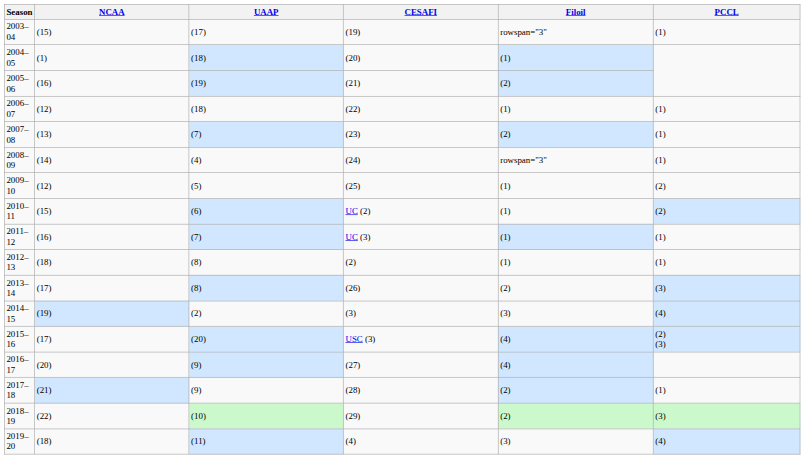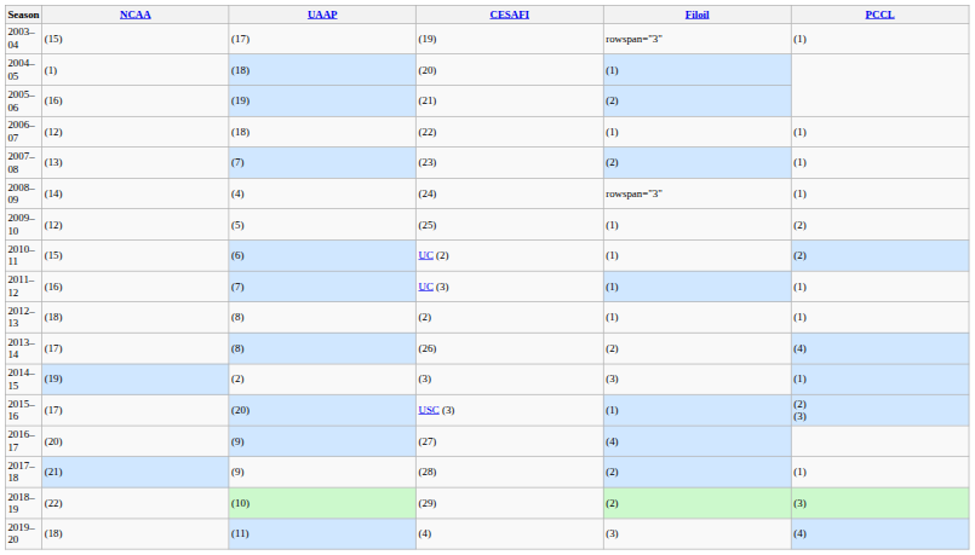 <table class="wikitable" width=100% style="font-size:88%">
 <tr bgcolor="#efefef">
 <th width=1%>Season</th>
 <th width=20%><a href='#'>NCAA</a></th>
 <th width=20%><a href='#'>UAAP</a></th>
 <th width=20%><a href='#'>CESAFI</a></th>
 <th width=20%><a href='#'>Filoil</a></th>
 <th width=20%><a href='#'>PCCL</a></th>
 </tr>
 <tr>
 <td>2003–04</td>
 <td> (15)</td>
 <td> (17)</td>
 <td> (19)</td>
 <td>rowspan="3" </td>
 <td> (1)</td>
 </tr>
 <tr>
 <td>2004–05</td>
 <td> (1)</td>
 <td bgcolor=#D0E7FF> (18)</td>
 <td> (20)</td>
 <td bgcolor=#D0E7FF> (1)</td>
 </tr>
 <tr>
 <td>2005–06</td>
 <td> (16)</td>
 <td bgcolor=#D0E7FF> (19)</td>
 <td> (21)</td>
 <td bgcolor=#D0E7FF> (2)</td>
 </tr>
 <tr>
 <td>2006–07</td>
 <td> (12)</td>
 <td> (18)</td>
 <td> (22)</td>
 <td> (1)</td>
 <td> (1)</td>
 </tr>
 <tr>
 <td>2007–08</td>
 <td> (13)</td>
 <td bgcolor=#D0E7FF> (7)</td>
 <td> (23)</td>
 <td bgcolor=#D0E7FF> (2)</td>
 <td> (1)</td>
 </tr>
 <tr>
 <td>2008–09</td>
 <td> (14)</td>
 <td> (4)</td>
 <td> (24)</td>
 <td>rowspan="3" </td>
 <td> (1)</td>
 </tr>
 <tr>
 <td>2009–10</td>
 <td> (12)</td>
 <td> (5)</td>
 <td> (25)</td>
 <td> (1)</td>
 <td> (2)</td>
 </tr>
 <tr>
 <td>2010–11</td>
 <td> (15)</td>
 <td bgcolor=#D0E7FF> (6)</td>
 <td><a href='#'>UC</a> (2)</td>
 <td> (1)</td>
 <td bgcolor=#D0E7FF> (2)</td>
 </tr>
 <tr>
 <td>2011–12</td>
 <td> (16)</td>
 <td bgcolor=#D0E7FF> (7)</td>
 <td><a href='#'>UC</a> (3)</td>
 <td bgcolor=#D0E7FF> (1)</td>
 <td> (1)</td>
 </tr>
 <tr>
 <td>2012–13</td>
 <td> (18)</td>
 <td> (8)</td>
 <td> (2)</td>
 <td> (1)</td>
 <td> (1)</td>
 </tr>
 <tr>
 <td>2013–14</td>
 <td> (17)</td>
 <td bgcolor=#D0E7FF> (8)</td>
 <td> (26)</td>
 <td> (2)</td>
-<td bgcolor=#D0E7FF> (3)</td>
+<td bgcolor=#D0E7FF> (4)</td>
 </tr>
 <tr>
 <td>2014–15</td>
 <td bgcolor=#D0E7FF> (19)</td>
 <td> (2)</td>
 <td> (3)</td>
 <td> (3)</td>
-<td bgcolor=#D0E7FF> (4)</td>
+<td bgcolor=#D0E7FF> (1)</td>
 </tr>
 <tr>
 <td>2015–16</td>
 <td> (17)</td>
 <td bgcolor=#D0E7FF> (20)</td>
 <td><a href='#'>USC</a> (3)</td>
-<td bgcolor=#D0E7FF> (4)</td>
+<td bgcolor=#D0E7FF> (1)</td>
 <td bgcolor=#D0E7FF> (2)<br> (3)</td>
 </tr>
 <tr>
 <td>2016–17</td>
 <td> (20)</td>
 <td bgcolor=#D0E7FF> (9)</td>
 <td> (27)</td>
 <td bgcolor=#D0E7FF> (4)</td>
 <td></td>
 </tr>
 <tr>
 <td>2017–18</td>
 <td bgcolor=#D0E7FF> (21)</td>
 <td> (9)</td>
 <td> (28)</td>
 <td bgcolor=#D0E7FF> (2)</td>
 <td> (1)</td>
 </tr>
 <tr>
 <td>2018–19</td>
 <td> (22)</td>
 <td bgcolor="#CCF9CC"> (10)</td>
 <td> (29)</td>
 <td bgcolor="#CCF9CC"> (2)</td>
 <td bgcolor="#CCF9CC"> (3)</td>
 </tr>
 <tr>
 <td>2019–20</td>
 <td> (18)</td>
 <td bgcolor=#D0E7FF> (11)</td>
 <td> (4)</td>
 <td> (3)</td>
 <td bgcolor=#D0E7FF> (4)</td>
 </tr>
 </table>
